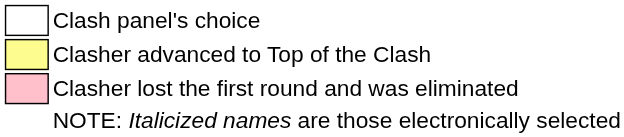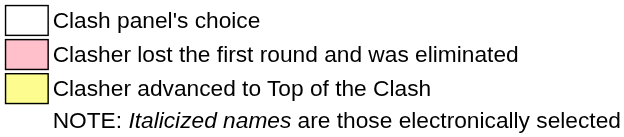 <table class="toccolours" style="white-space: nowrap;">
 <tr>
 <td style="background:white; border: 1px solid black;"> <strong></strong> </td>
 <td>Clash panel's choice</td>
 </tr>
 <tr>
+<td style="background:pink; border:1px solid black;">      </td>
+<td>Clasher lost the first round and was eliminated</td>
+</tr>
+<tr>
 <td style="background:#fdfc8f; border: 1px solid black">    </td>
 <td>Clasher advanced to Top of the Clash</td>
-</tr>
-<tr>
-<td style="background:pink; border:1px solid black;">      </td>
-<td>Clasher lost the first round and was eliminated</td>
 </tr>
 <tr>
 <td style="background:none; border: 0px solid black">    </td>
 <td>NOTE: <em>Italicized names</em> are those electronically selected</td>
 </tr>
 </table>
